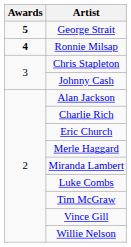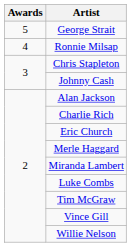 <table class="wikitable" rowspan="2" style="text-align:center;">
 <tr>
 <th scope="col" style="width:55px;">Awards</th>
 <th scope="col" style="text-align:center;">Artist</th>
 </tr>
 <tr>
-<td><strong>5</strong></td>
+<td>5</td>
 <td><a href='#'>George Strait</a></td>
 </tr>
 <tr>
-<td><strong>4</strong></td>
+<td>4</td>
 <td><a href='#'>Ronnie Milsap</a></td>
 </tr>
 <tr>
 <td rowspan=2>3</td>
 <td><a href='#'>Chris Stapleton</a></td>
 </tr>
 <tr>
 <td><a href='#'>Johnny Cash</a></td>
 </tr>
 <tr>
 <td rowspan=9>2</td>
 <td><a href='#'>Alan Jackson</a></td>
 </tr>
 <tr>
 <td><a href='#'>Charlie Rich</a></td>
 </tr>
 <tr>
 <td><a href='#'>Eric Church</a></td>
 </tr>
 <tr>
 <td><a href='#'>Merle Haggard</a></td>
 </tr>
 <tr>
 <td><a href='#'>Miranda Lambert</a></td>
 </tr>
 <tr>
 <td><a href='#'>Luke Combs</a></td>
 </tr>
 <tr>
 <td><a href='#'>Tim McGraw</a></td>
 </tr>
 <tr>
 <td><a href='#'>Vince Gill</a></td>
 </tr>
 <tr>
 <td><a href='#'>Willie Nelson</a></td>
 </tr>
 </table>
